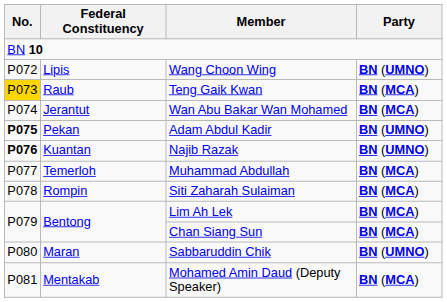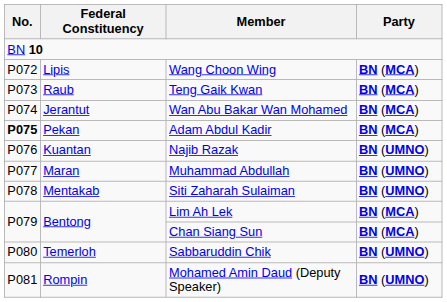 <table class="wikitable sortable">
 <tr>
 <th style="width:30px;">No.</th>
 <th style="width:150px;">Federal Constituency</th>
 <th style="width:230px;">Member</th>
 <th style="width:100px;">Party</th>
 </tr>
 <tr>
 <td colspan="4"><a href='#'>BN</a> <strong>10</strong></td>
 </tr>
 <tr>
 <td>P072</td>
 <td><a href='#'>Lipis</a></td>
 <td><a href='#'>Wang Choon Wing</a></td>
-<td><strong><a href='#'>BN</a></strong> (<strong><a href='#'>UMNO</a></strong>)</td>
+<td><strong><a href='#'>BN</a></strong> (<strong><a href='#'>MCA</a></strong>)</td>
 </tr>
 <tr>
-<td style="background: gold;">P073</td>
+<td>P073</td>
 <td><a href='#'>Raub</a></td>
 <td><a href='#'>Teng Gaik Kwan</a></td>
 <td><strong><a href='#'>BN</a></strong> (<strong><a href='#'>MCA</a></strong>)</td>
 </tr>
 <tr>
 <td>P074</td>
 <td><a href='#'>Jerantut</a></td>
 <td><a href='#'>Wan Abu Bakar Wan Mohamed</a></td>
 <td><strong><a href='#'>BN</a></strong> (<strong><a href='#'>MCA</a></strong>)</td>
 </tr>
 <tr>
 <td><strong>P075</strong></td>
 <td><a href='#'>Pekan</a></td>
 <td><a href='#'>Adam Abdul Kadir</a></td>
-<td><strong><a href='#'>BN</a></strong> (<strong><a href='#'>UMNO</a></strong>)</td>
+<td><strong><a href='#'>BN</a></strong> (<strong><a href='#'>MCA</a></strong>)</td>
 </tr>
 <tr>
-<td><strong>P076</strong></td>
+<td>P076</td>
 <td><a href='#'>Kuantan</a></td>
 <td><a href='#'>Najib Razak</a></td>
 <td><strong><a href='#'>BN</a></strong> (<strong><a href='#'>UMNO</a></strong>)</td>
 </tr>
 <tr>
 <td>P077</td>
-<td><a href='#'>Temerloh</a></td>
+<td><a href='#'>Maran</a></td>
 <td><a href='#'>Muhammad Abdullah</a></td>
-<td><strong><a href='#'>BN</a></strong> (<strong><a href='#'>MCA</a></strong>)</td>
+<td><strong><a href='#'>BN</a></strong> (<strong><a href='#'>UMNO</a></strong>)</td>
 </tr>
 <tr>
 <td>P078</td>
-<td><a href='#'>Rompin</a></td>
+<td><a href='#'>Mentakab</a></td>
 <td><a href='#'>Siti Zaharah Sulaiman</a></td>
-<td><strong><a href='#'>BN</a></strong> (<strong><a href='#'>MCA</a></strong>)</td>
+<td><strong><a href='#'>BN</a></strong> (<strong><a href='#'>UMNO</a></strong>)</td>
 </tr>
 <tr>
 <td rowspan=2>P079</td>
 <td rowspan=2><a href='#'>Bentong</a></td>
 <td><a href='#'>Lim Ah Lek</a> </td>
 <td><strong><a href='#'>BN</a></strong> (<strong><a href='#'>MCA</a></strong>)</td>
 </tr>
 <tr>
 <td><a href='#'>Chan Siang Sun</a> </td>
 <td><strong><a href='#'>BN</a></strong> (<strong><a href='#'>MCA</a></strong>)</td>
 </tr>
 <tr>
 <td>P080</td>
-<td><a href='#'>Maran</a></td>
+<td><a href='#'>Temerloh</a></td>
 <td><a href='#'>Sabbaruddin Chik</a></td>
 <td><strong><a href='#'>BN</a></strong> (<strong><a href='#'>UMNO</a></strong>)</td>
 </tr>
 <tr>
 <td>P081</td>
-<td><a href='#'>Mentakab</a></td>
+<td><a href='#'>Rompin</a></td>
 <td><a href='#'>Mohamed Amin Daud</a> (Deputy Speaker)</td>
-<td><strong><a href='#'>BN</a></strong> (<strong><a href='#'>MCA</a></strong>)</td>
+<td><strong><a href='#'>BN</a></strong> (<strong><a href='#'>UMNO</a></strong>)</td>
 </tr>
 </table>
